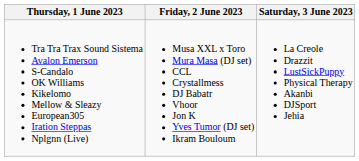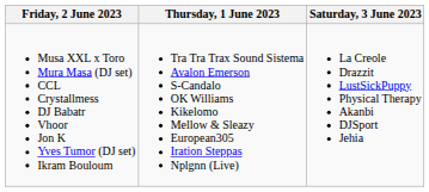 <table class="wikitable">
 <tr>
+<th>Friday, 2 June 2023</th>
 <th>Thursday, 1 June 2023</th>
-<th>Friday, 2 June 2023</th>
 <th>Saturday, 3 June 2023</th>
 </tr>
 <tr valign="top">
+<td><br><ul><li>Musa XXL x Toro</li><li><a href='#'>Mura Masa</a> (DJ set)</li><li>CCL</li><li>Crystallmess</li><li>DJ Babatr</li><li>Vhoor</li><li>Jon K</li><li><a href='#'>Yves Tumor</a> (DJ set)</li><li>Ikram Bouloum</li></ul></td>
 <td><br><ul><li>Tra Tra Trax Sound Sistema</li><li><a href='#'>Avalon Emerson</a></li><li>S-Candalo</li><li>OK Williams</li><li>Kikelomo</li><li>Mellow & Sleazy</li><li>European305</li><li><a href='#'>Iration Steppas</a></li><li>Nplgnn (Live)</li></ul></td>
-<td><br><ul><li>Musa XXL x Toro</li><li><a href='#'>Mura Masa</a> (DJ set)</li><li>CCL</li><li>Crystallmess</li><li>DJ Babatr</li><li>Vhoor</li><li>Jon K</li><li><a href='#'>Yves Tumor</a> (DJ set)</li><li>Ikram Bouloum</li></ul></td>
 <td><br><ul><li>La Creole</li><li>Drazzit</li><li><a href='#'>LustSickPuppy</a></li><li>Physical Therapy</li><li>Akanbi</li><li>DJSport</li><li>Jehia</li></ul></td>
 </tr>
 </table>
